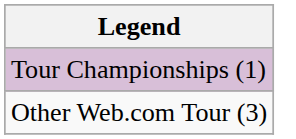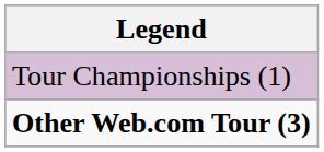 <table class="wikitable" style="font-size:95%;">
 <tr>
 <th>Legend</th>
 </tr>
 <tr style="background:thistle;">
 <td>Tour Championships (1)</td>
 </tr>
 <tr>
-<td>Other Web.com Tour (3)</td>
+<td><strong>Other Web.com Tour (3)</strong></td>
 </tr>
 </table>
